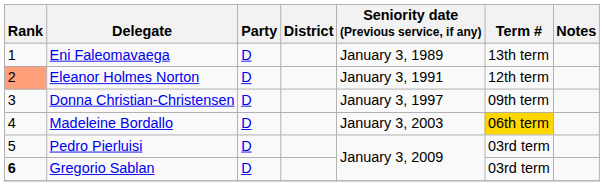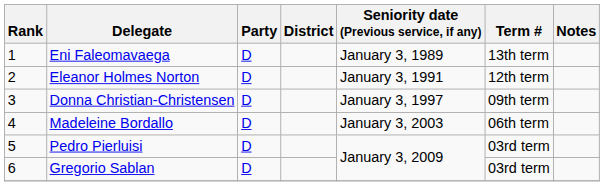 <table class="wikitable sortable">
 <tr valign=bottom>
 <th>Rank</th>
 <th>Delegate</th>
 <th>Party</th>
 <th>District</th>
 <th>Seniority date<br><small>(Previous service, if any)</small><br></th>
 <th>Term #</th>
 <th>Notes</th>
 </tr>
 <tr>
 <td>1</td>
 <td><a href='#'>Eni Faleomavaega</a></td>
 <td><a href='#'>D</a></td>
 <td></td>
 <td>January 3, 1989</td>
 <td>13th term</td>
 <td></td>
 </tr>
 <tr>
-<td style="background: lightsalmon;">2</td>
+<td>2</td>
 <td><a href='#'>Eleanor Holmes Norton</a></td>
 <td><a href='#'>D</a></td>
 <td></td>
 <td>January 3, 1991</td>
 <td>12th term</td>
 <td></td>
 </tr>
 <tr>
 <td>3</td>
 <td><a href='#'>Donna Christian-Christensen</a></td>
 <td><a href='#'>D</a></td>
 <td></td>
 <td>January 3, 1997</td>
 <td>09th term</td>
 <td></td>
 </tr>
 <tr>
 <td>4</td>
 <td><a href='#'>Madeleine Bordallo</a></td>
 <td><a href='#'>D</a></td>
 <td></td>
 <td>January 3, 2003</td>
-<td style="background: gold;">06th term</td>
+<td>06th term</td>
 <td></td>
 </tr>
 <tr>
 <td>5</td>
 <td><a href='#'>Pedro Pierluisi</a></td>
 <td><a href='#'>D</a></td>
 <td></td>
 <td rowspan=2>January 3, 2009</td>
 <td>03rd term</td>
 <td></td>
 </tr>
 <tr>
-<td><strong>6</strong></td>
+<td>6</td>
 <td><a href='#'>Gregorio Sablan</a></td>
 <td><a href='#'>D</a></td>
 <td></td>
 <td>03rd term</td>
 <td></td>
 </tr>
 <tr>
 </tr>
 </table>
